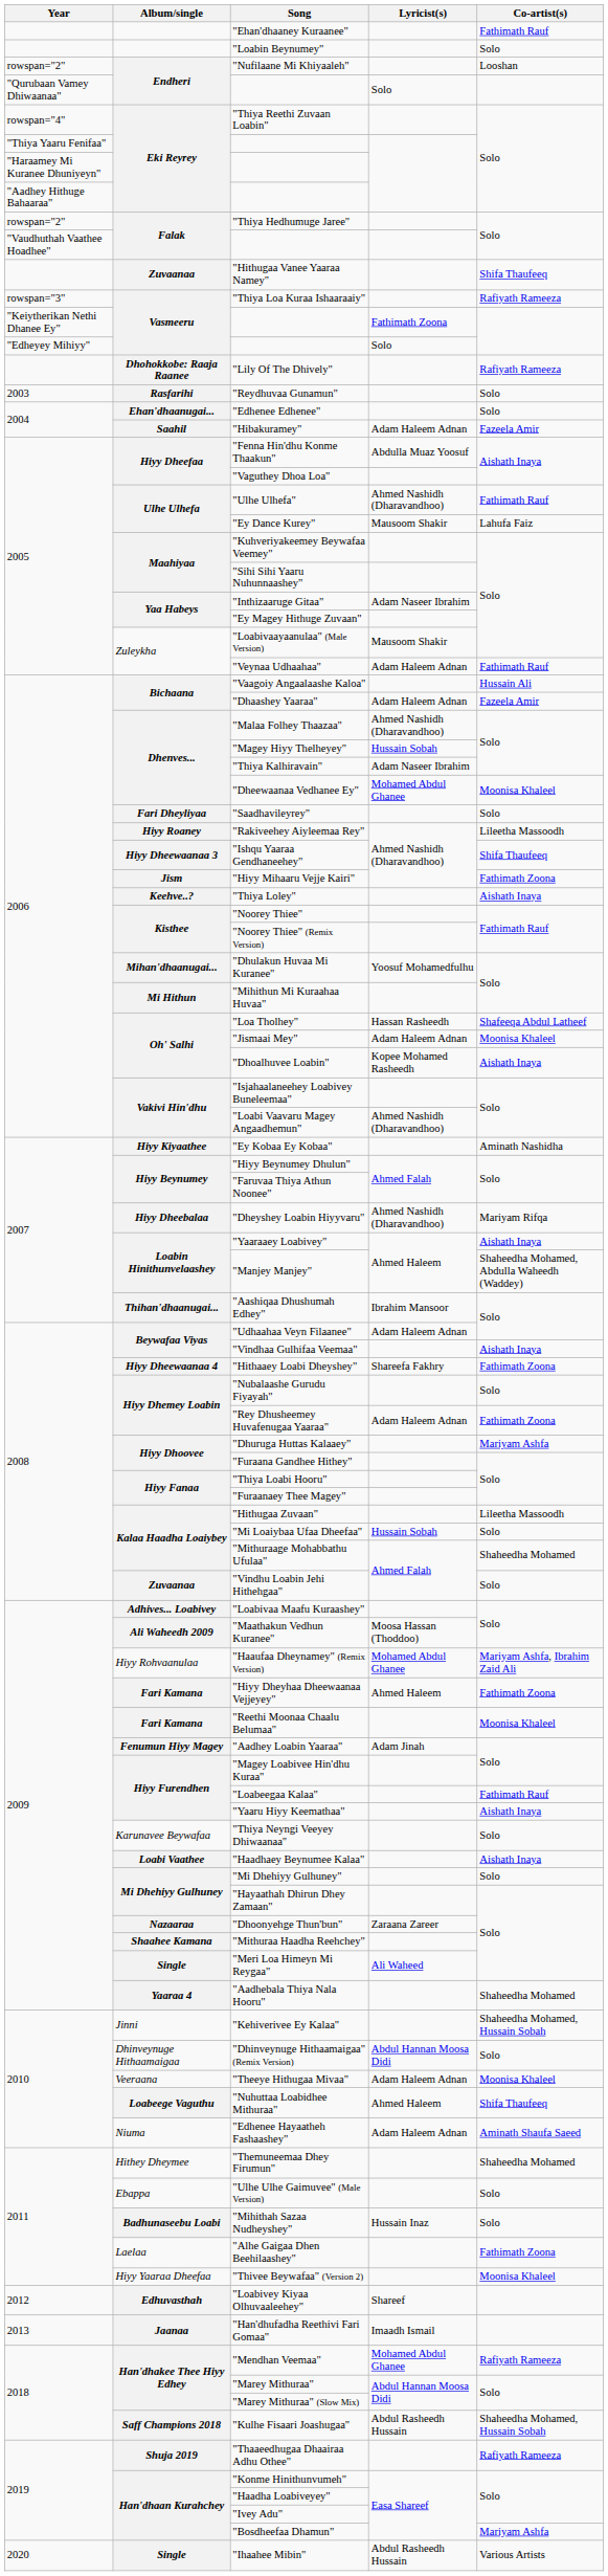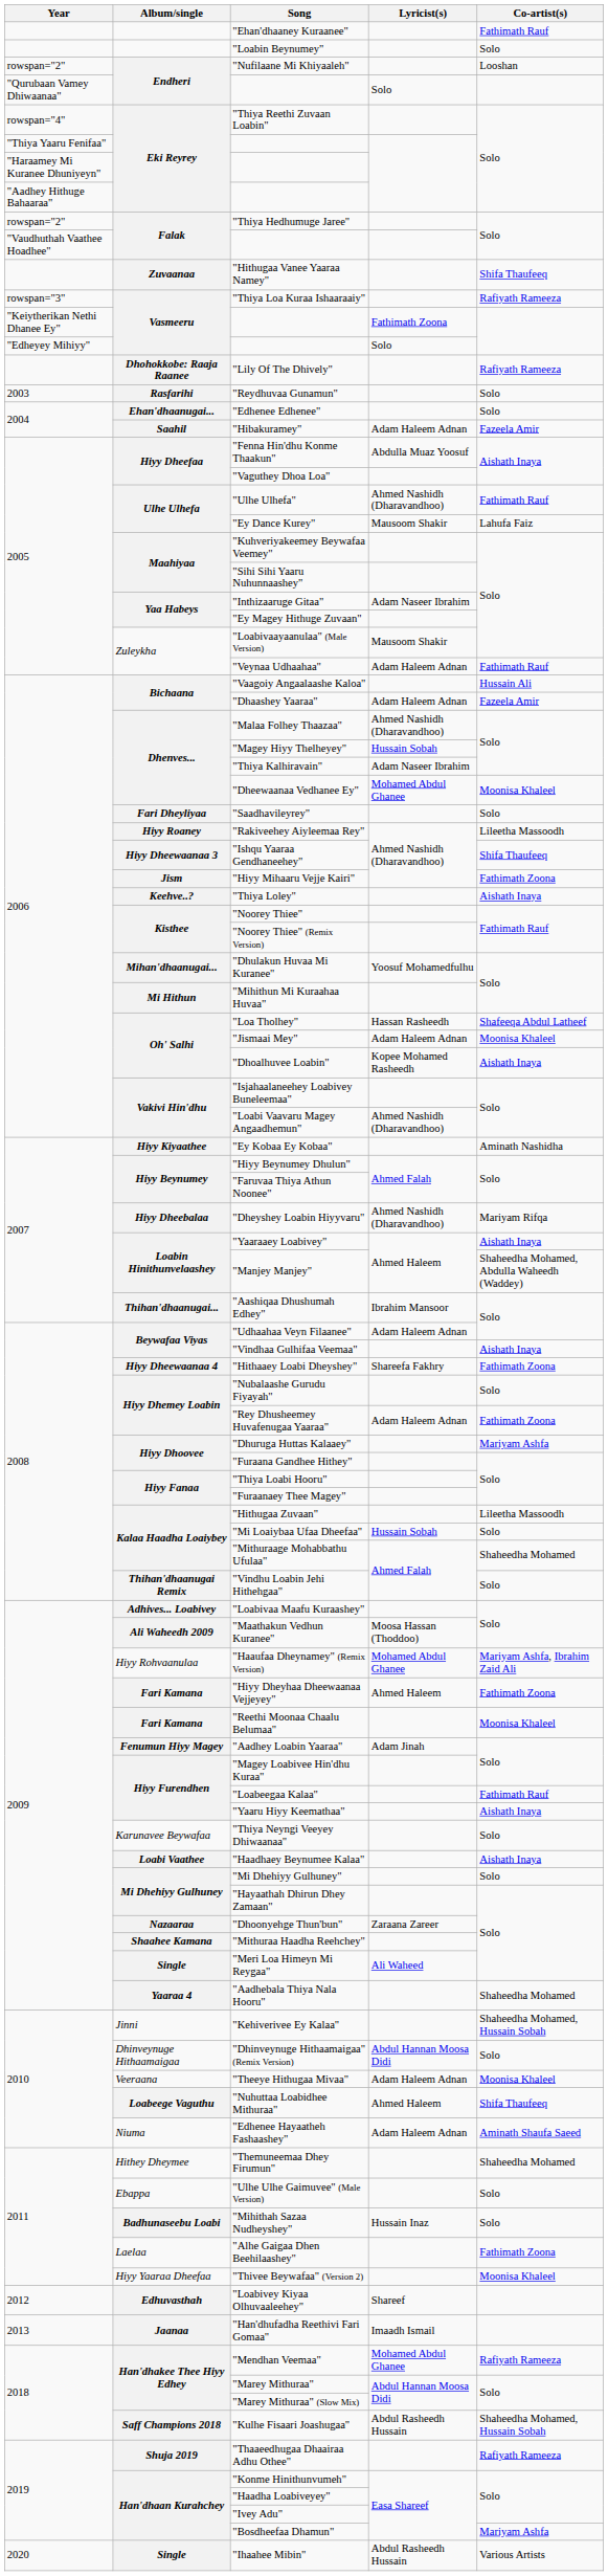 <table class="wikitable plainrowheaders">
 <tr>
 <th scope="col">Year</th>
 <th scope="col">Album/single</th>
 <th scope="col">Song</th>
 <th scope="col">Lyricist(s)</th>
 <th scope="col">Co-artist(s)</th>
 </tr>
 <tr>
 <td></td>
 <td></td>
 <td>"Ehan'dhaaney Kuraanee"</td>
 <td></td>
 <td><a href='#'>Fathimath Rauf</a></td>
 </tr>
 <tr>
 <td></td>
 <td></td>
 <td>"Loabin Beynumey"</td>
 <td></td>
 <td>Solo</td>
 </tr>
 <tr>
 <td>rowspan="2" </td>
 <th scope="row" rowspan="2"><em>Endheri</em></th>
 <td>"Nufilaane Mi Khiyaaleh"</td>
 <td></td>
 <td>Looshan</td>
 </tr>
 <tr>
 <td>"Qurubaan Vamey Dhiwaanaa"</td>
 <td></td>
 <td>Solo</td>
 </tr>
 <tr>
 <td>rowspan="4" </td>
 <th scope="row" rowspan="4"><em>Eki Reyrey</em></th>
 <td>"Thiya Reethi Zuvaan Loabin"</td>
 <td></td>
 <td rowspan="4">Solo</td>
 </tr>
 <tr>
 <td>"Thiya Yaaru Fenifaa"</td>
 <td></td>
 </tr>
 <tr>
 <td>"Haraamey Mi Kuranee Dhuniyeyn"</td>
 <td></td>
 </tr>
 <tr>
 <td>"Aadhey Hithuge Bahaaraa"</td>
 <td></td>
 </tr>
 <tr>
 <td>rowspan="2" </td>
 <th scope="row" rowspan="2"><em>Falak</em></th>
 <td>"Thiya Hedhumuge Jaree"</td>
 <td></td>
 <td rowspan="2">Solo</td>
 </tr>
 <tr>
 <td>"Vaudhuthah Vaathee Hoadhee"</td>
 <td></td>
 </tr>
 <tr>
 <td></td>
 <th scope="row"><em>Zuvaanaa</em></th>
 <td>"Hithugaa Vanee Yaaraa Namey"</td>
 <td></td>
 <td><a href='#'>Shifa Thaufeeq</a></td>
 </tr>
 <tr>
 <td>rowspan="3" </td>
 <th scope="row" rowspan="3"><em>Vasmeeru</em></th>
 <td>"Thiya Loa Kuraa Ishaaraaiy"</td>
 <td></td>
 <td><a href='#'>Rafiyath Rameeza</a></td>
 </tr>
 <tr>
 <td>"Keiytherikan Nethi Dhanee Ey"</td>
 <td></td>
 <td><a href='#'>Fathimath Zoona</a></td>
 </tr>
 <tr>
 <td>"Edheyey Mihiyy"</td>
 <td></td>
 <td>Solo</td>
 </tr>
 <tr>
 <td></td>
 <th scope="row"><em>Dhohokkobe: Raaja Raanee</em></th>
 <td>"Lily Of The Dhively"</td>
 <td></td>
 <td><a href='#'>Rafiyath Rameeza</a></td>
 </tr>
 <tr>
 <td>2003</td>
 <th scope="row"><em>Rasfarihi</em></th>
 <td>"Reydhuvaa Gunamun"</td>
 <td></td>
 <td>Solo</td>
 </tr>
 <tr>
 <td rowspan="2">2004</td>
 <th scope="row"><em>Ehan'dhaanugai...</em></th>
 <td>"Edhenee Edhenee"</td>
 <td></td>
 <td>Solo</td>
 </tr>
 <tr>
 <th scope="row"><em>Saahil</em></th>
 <td>"Hibakuramey"</td>
 <td>Adam Haleem Adnan</td>
 <td><a href='#'>Fazeela Amir</a></td>
 </tr>
 <tr>
 <td rowspan="10">2005</td>
 <th scope="row" rowspan="2"><em>Hiyy Dheefaa</em></th>
 <td>"Fenna Hin'dhu Konme Thaakun"</td>
 <td>Abdulla Muaz Yoosuf</td>
 <td rowspan="2"><a href='#'>Aishath Inaya</a></td>
 </tr>
 <tr>
 <td>"Vaguthey Dhoa Loa"</td>
 <td></td>
 </tr>
 <tr>
 <th scope="row" rowspan="2"><em>Ulhe Ulhefa</em></th>
 <td>"Ulhe Ulhefa"</td>
 <td>Ahmed Nashidh (Dharavandhoo)</td>
 <td><a href='#'>Fathimath Rauf</a></td>
 </tr>
 <tr>
 <td>"Ey Dance Kurey"</td>
 <td>Mausoom Shakir</td>
 <td>Lahufa Faiz</td>
 </tr>
 <tr>
 <th scope="row" rowspan="2"><em>Maahiyaa</em></th>
 <td>"Kuhveriyakeemey Beywafaa Veemey"</td>
 <td></td>
 <td rowspan="5">Solo</td>
 </tr>
 <tr>
 <td>"Sihi Sihi Yaaru Nuhunnaashey"</td>
 <td></td>
 </tr>
 <tr>
 <th scope="row" rowspan="2"><em>Yaa Habeys</em></th>
 <td>"Inthizaaruge Gitaa"</td>
 <td>Adam Naseer Ibrahim</td>
 </tr>
 <tr>
 <td>"Ey Magey Hithuge Zuvaan"</td>
 <td></td>
 </tr>
 <tr>
 <td rowspan="2"><em>Zuleykha</em></td>
 <td>"Loabivaayaanulaa" <small>(Male Version)</small></td>
 <td>Mausoom Shakir</td>
 </tr>
 <tr>
 <td>"Veynaa Udhaahaa"</td>
 <td>Adam Haleem Adnan</td>
 <td><a href='#'>Fathimath Rauf</a></td>
 </tr>
 <tr>
 <td rowspan="20">2006</td>
 <th scope="row" rowspan="2"><em>Bichaana</em></th>
 <td>"Vaagoiy Angaalaashe Kaloa"</td>
 <td></td>
 <td><a href='#'>Hussain Ali</a></td>
 </tr>
 <tr>
 <td>"Dhaashey Yaaraa"</td>
 <td>Adam Haleem Adnan</td>
 <td><a href='#'>Fazeela Amir</a></td>
 </tr>
 <tr>
 <th scope="row" rowspan="4"><em>Dhenves...</em></th>
 <td>"Malaa Folhey Thaazaa"</td>
 <td>Ahmed Nashidh (Dharavandhoo)</td>
 <td rowspan="3">Solo</td>
 </tr>
 <tr>
 <td>"Magey Hiyy Thelheyey"</td>
 <td><a href='#'>Hussain Sobah</a></td>
 </tr>
 <tr>
 <td>"Thiya Kalhiravain"</td>
 <td>Adam Naseer Ibrahim</td>
 </tr>
 <tr>
 <td>"Dheewaanaa Vedhanee Ey"</td>
 <td><a href='#'>Mohamed Abdul Ghanee</a></td>
 <td><a href='#'>Moonisa Khaleel</a></td>
 </tr>
 <tr>
 <th scope="row"><em>Fari Dheyliyaa</em></th>
 <td>"Saadhavileyrey"</td>
 <td></td>
 <td>Solo</td>
 </tr>
 <tr>
 <th scope="row"><em>Hiyy Roaney</em></th>
 <td>"Rakiveehey Aiyleemaa Rey"</td>
 <td rowspan="3">Ahmed Nashidh (Dharavandhoo)</td>
 <td>Lileetha Massoodh</td>
 </tr>
 <tr>
 <th scope="row"><em>Hiyy Dheewaanaa 3</em></th>
 <td>"Ishqu Yaaraa Gendhaneehey"</td>
 <td><a href='#'>Shifa Thaufeeq</a></td>
 </tr>
 <tr>
 <th scope="row"><em>Jism</em></th>
 <td>"Hiyy Mihaaru Vejje Kairi"</td>
 <td><a href='#'>Fathimath Zoona</a></td>
 </tr>
 <tr>
 <th scope="row"><em>Keehve..?</em></th>
 <td>"Thiya Loley"</td>
 <td></td>
 <td><a href='#'>Aishath Inaya</a></td>
 </tr>
 <tr>
 <th scope="row" rowspan="2"><em>Kisthee</em></th>
 <td>"Noorey Thiee"</td>
 <td></td>
 <td rowspan="2"><a href='#'>Fathimath Rauf</a></td>
 </tr>
 <tr>
 <td>"Noorey Thiee" <small>(Remix Version)</small></td>
 <td></td>
 </tr>
 <tr>
 <th scope="row"><em>Mihan'dhaanugai...</em></th>
 <td>"Dhulakun Huvaa Mi Kuranee"</td>
 <td>Yoosuf Mohamedfulhu</td>
 <td rowspan="2">Solo</td>
 </tr>
 <tr>
 <th scope="row"><em>Mi Hithun</em></th>
 <td>"Mihithun Mi Kuraahaa Huvaa"</td>
 <td></td>
 </tr>
 <tr>
 <th scope="row" rowspan="3"><em>Oh' Salhi</em></th>
 <td>"Loa Tholhey"</td>
 <td>Hassan Rasheedh</td>
 <td><a href='#'>Shafeeqa Abdul Latheef</a></td>
 </tr>
 <tr>
 <td>"Jismaai Mey"</td>
 <td>Adam Haleem Adnan</td>
 <td><a href='#'>Moonisa Khaleel</a></td>
 </tr>
 <tr>
 <td>"Dhoalhuvee Loabin"</td>
 <td>Kopee Mohamed Rasheedh</td>
 <td><a href='#'>Aishath Inaya</a></td>
 </tr>
 <tr>
 <th scope="row" rowspan="2"><em>Vakivi Hin'dhu</em></th>
 <td>"Isjahaalaneehey Loabivey Buneleemaa"</td>
 <td></td>
 <td rowspan="2">Solo</td>
 </tr>
 <tr>
 <td>"Loabi Vaavaru Magey Angaadhemun"</td>
 <td>Ahmed Nashidh (Dharavandhoo)</td>
 </tr>
 <tr>
 <td rowspan="7">2007</td>
 <th scope="row"><em>Hiyy Kiyaathee</em></th>
 <td>"Ey Kobaa Ey Kobaa"</td>
 <td></td>
 <td>Aminath Nashidha</td>
 </tr>
 <tr>
 <th scope="row" rowspan="2"><em>Hiyy Beynumey</em></th>
 <td>"Hiyy Beynumey Dhulun"</td>
 <td rowspan="2"><a href='#'>Ahmed Falah</a></td>
 <td rowspan="2">Solo</td>
 </tr>
 <tr>
 <td>"Faruvaa Thiya Athun Noonee"</td>
 </tr>
 <tr>
 <th scope="row"><em>Hiyy Dheebalaa</em></th>
 <td>"Dheyshey Loabin Hiyyvaru"</td>
 <td>Ahmed Nashidh (Dharavandhoo)</td>
 <td>Mariyam Rifqa</td>
 </tr>
 <tr>
 <th scope="row" rowspan="2"><em>Loabin Hinithunvelaashey</em></th>
 <td>"Yaaraaey Loabivey"</td>
 <td rowspan="2">Ahmed Haleem</td>
 <td><a href='#'>Aishath Inaya</a></td>
 </tr>
 <tr>
 <td>"Manjey Manjey"</td>
 <td>Shaheedha Mohamed, Abdulla Waheedh (Waddey)</td>
 </tr>
 <tr>
 <th scope="row"><em>Thihan'dhaanugai...</em></th>
 <td>"Aashiqaa Dhushumah Edhey"</td>
 <td>Ibrahim Mansoor</td>
 <td rowspan="2">Solo</td>
 </tr>
 <tr>
 <td rowspan="13">2008</td>
 <th scope="row" rowspan="2"><em>Beywafaa Viyas</em></th>
 <td>"Udhaahaa Veyn Filaanee"</td>
 <td>Adam Haleem Adnan</td>
 </tr>
 <tr>
 <td>"Vindhaa Gulhifaa Veemaa"</td>
 <td></td>
 <td><a href='#'>Aishath Inaya</a></td>
 </tr>
 <tr>
 <th scope="row"><em>Hiyy Dheewaanaa 4</em></th>
 <td>"Hithaaey Loabi Dheyshey"</td>
 <td>Shareefa Fakhry</td>
 <td><a href='#'>Fathimath Zoona</a></td>
 </tr>
 <tr>
 <th scope="row" rowspan="2"><em>Hiyy Dhemey Loabin</em></th>
 <td>"Nubalaashe Gurudu Fiyayah"</td>
 <td></td>
 <td>Solo</td>
 </tr>
 <tr>
 <td>"Rey Dhusheemey Huvafenugaa Yaaraa"</td>
 <td>Adam Haleem Adnan</td>
 <td><a href='#'>Fathimath Zoona</a></td>
 </tr>
 <tr>
 <th scope="row" rowspan="2"><em>Hiyy Dhoovee</em></th>
 <td>"Dhuruga Huttas Kalaaey"</td>
 <td></td>
 <td><a href='#'>Mariyam Ashfa</a></td>
 </tr>
 <tr>
 <td>"Furaana Gandhee Hithey"</td>
 <td></td>
 <td rowspan="3">Solo</td>
 </tr>
 <tr>
 <th scope="row" rowspan="2"><em>Hiyy Fanaa</em></th>
 <td>"Thiya Loabi Hooru"</td>
 <td></td>
 </tr>
 <tr>
 <td>"Furaanaey Thee Magey"</td>
 <td></td>
 </tr>
 <tr>
 <th scope="row" rowspan="3"><em>Kalaa Haadha Loaiybey</em></th>
 <td>"Hithugaa Zuvaan"</td>
 <td></td>
 <td>Lileetha Massoodh</td>
 </tr>
 <tr>
 <td>"Mi Loaiybaa Ufaa Dheefaa"</td>
 <td><a href='#'>Hussain Sobah</a></td>
 <td>Solo</td>
 </tr>
 <tr>
 <td>"Mithuraage Mohabbathu Ufulaa"</td>
 <td rowspan="2"><a href='#'>Ahmed Falah</a></td>
 <td>Shaheedha Mohamed</td>
 </tr>
 <tr>
-<th scope="row"><em>Zuvaanaa</em></th>
+<th scope="row"><em>Thihan'dhaanugai Remix</em></th>
 <td>"Vindhu Loabin Jehi Hithehgaa"</td>
 <td>Solo</td>
 </tr>
 <tr>
 <td rowspan="17">2009</td>
 <th scope="row"><em>Adhives... Loabivey</em></th>
 <td>"Loabivaa Maafu Kuraashey"</td>
 <td></td>
 <td rowspan="2">Solo</td>
 </tr>
 <tr>
 <th scope="row"><em>Ali Waheedh 2009</em></th>
 <td>"Maathakun Vedhun Kuranee"</td>
 <td>Moosa Hassan (Thoddoo)</td>
 </tr>
 <tr>
 <td><em>Hiyy Rohvaanulaa</em></td>
 <td>"Haaufaa Dheynamey" <small>(Remix Version)</small></td>
 <td><a href='#'>Mohamed Abdul Ghanee</a></td>
 <td><a href='#'>Mariyam Ashfa</a>, <a href='#'>Ibrahim Zaid Ali</a></td>
 </tr>
 <tr>
 <th scope="row"><em>Fari Kamana</em></th>
 <td>"Hiyy Dheyhaa Dheewaanaa Vejjeyey"</td>
 <td>Ahmed Haleem</td>
 <td><a href='#'>Fathimath Zoona</a></td>
 </tr>
 <tr>
 <th scope="row"><em>Fari Kamana</em></th>
 <td>"Reethi Moonaa Chaalu Belumaa"</td>
 <td></td>
 <td><a href='#'>Moonisa Khaleel</a></td>
 </tr>
 <tr>
 <th scope="row"><em>Fenumun Hiyy Magey</em></th>
 <td>"Aadhey Loabin Yaaraa"</td>
 <td>Adam Jinah</td>
 <td rowspan="2">Solo</td>
 </tr>
 <tr>
 <th scope="row" rowspan="3"><em>Hiyy Furendhen</em></th>
 <td>"Magey Loabivee Hin'dhu Kuraa"</td>
 <td></td>
 </tr>
 <tr>
 <td>"Loabeegaa Kalaa"</td>
 <td></td>
 <td><a href='#'>Fathimath Rauf</a></td>
 </tr>
 <tr>
 <td>"Yaaru Hiyy Keemathaa"</td>
 <td></td>
 <td><a href='#'>Aishath Inaya</a></td>
 </tr>
 <tr>
 <td><em>Karunavee Beywafaa</em></td>
 <td>"Thiya Neyngi Veeyey Dhiwaanaa"</td>
 <td></td>
 <td>Solo</td>
 </tr>
 <tr>
 <th scope="row"><em>Loabi Vaathee</em></th>
 <td>"Haadhaey Beynumee Kalaa"</td>
 <td></td>
 <td><a href='#'>Aishath Inaya</a></td>
 </tr>
 <tr>
 <th scope="row" rowspan="2"><em>Mi Dhehiyy Gulhuney</em></th>
 <td>"Mi Dhehiyy Gulhuney"</td>
 <td></td>
 <td>Solo</td>
 </tr>
 <tr>
 <td>"Hayaathah Dhirun Dhey Zamaan"</td>
 <td></td>
 <td rowspan="4">Solo</td>
 </tr>
 <tr>
 <th scope="row"><em>Nazaaraa</em></th>
 <td>"Dhoonyehge Thun'bun"</td>
 <td>Zaraana Zareer</td>
 </tr>
 <tr>
 <th scope="row"><em>Shaahee Kamana</em></th>
 <td>"Mithuraa Haadha Reehchey"</td>
 <td></td>
 </tr>
 <tr>
 <th scope="row"><em>Single</em></th>
 <td>"Meri Loa Himeyn Mi Reygaa"</td>
 <td><a href='#'>Ali Waheed</a></td>
 </tr>
 <tr>
 <th scope="row"><em>Yaaraa 4</em></th>
 <td>"Aadhebala Thiya Nala Hooru"</td>
 <td></td>
 <td>Shaheedha Mohamed</td>
 </tr>
 <tr>
 <td rowspan="5">2010</td>
 <td><em>Jinni</em></td>
 <td>"Kehiverivee Ey Kalaa"</td>
 <td></td>
 <td>Shaheedha Mohamed, <a href='#'>Hussain Sobah</a></td>
 </tr>
 <tr>
 <td><em>Dhinveynuge Hithaamaigaa</em></td>
 <td>"Dhinveynuge Hithaamaigaa" <small>(Remix Version)</small></td>
 <td><a href='#'>Abdul Hannan Moosa Didi</a></td>
 <td>Solo</td>
 </tr>
 <tr>
 <td><em>Veeraana</em></td>
 <td>"Theeye Hithugaa Mivaa"</td>
 <td>Adam Haleem Adnan</td>
 <td><a href='#'>Moonisa Khaleel</a></td>
 </tr>
 <tr>
 <th scope="row"><em>Loabeege Vaguthu</em></th>
 <td>"Nuhuttaa Loabidhee Mithuraa"</td>
 <td>Ahmed Haleem</td>
 <td><a href='#'>Shifa Thaufeeq</a></td>
 </tr>
 <tr>
 <td><em>Niuma</em></td>
 <td>"Edhenee Hayaatheh Fashaashey"</td>
 <td>Adam Haleem Adnan</td>
 <td><a href='#'>Aminath Shaufa Saeed</a></td>
 </tr>
 <tr>
 <td rowspan="5">2011</td>
 <td><em>Hithey Dheymee</em></td>
 <td>"Themuneemaa Dhey Firumun"</td>
 <td></td>
 <td>Shaheedha Mohamed</td>
 </tr>
 <tr>
 <td><em>Ebappa</em></td>
 <td>"Ulhe Ulhe Gaimuvee" <small>(Male Version)</small></td>
 <td></td>
 <td>Solo</td>
 </tr>
 <tr>
 <th scope="row"><em>Badhunaseebu Loabi</em></th>
 <td>"Mihithah Sazaa Nudheyshey"</td>
 <td>Hussain Inaz</td>
 <td>Solo</td>
 </tr>
 <tr>
 <td><em>Laelaa</em></td>
 <td>"Alhe Gaigaa Dhen Beehilaashey"</td>
 <td></td>
 <td><a href='#'>Fathimath Zoona</a></td>
 </tr>
 <tr>
 <td><em>Hiyy Yaaraa Dheefaa</em></td>
 <td>"Thivee Beywafaa" <small>(Version 2)</small></td>
 <td></td>
 <td><a href='#'>Moonisa Khaleel</a></td>
 </tr>
 <tr>
 <td>2012</td>
 <th scope="row"><em>Edhuvasthah</em></th>
 <td>"Loabivey Kiyaa Olhuvaaleehey"</td>
 <td>Shareef</td>
 <td></td>
 </tr>
 <tr>
 <td>2013</td>
 <th scope="row"><em>Jaanaa</em></th>
 <td>"Han'dhufadha Reethivi Fari Gomaa"</td>
 <td>Imaadh Ismail</td>
 <td></td>
 </tr>
 <tr>
 <td rowspan="4">2018</td>
 <th scope="row" rowspan="3"><em>Han'dhakee Thee Hiyy Edhey</em></th>
 <td>"Mendhan Veemaa"</td>
 <td><a href='#'>Mohamed Abdul Ghanee</a></td>
 <td><a href='#'>Rafiyath Rameeza</a></td>
 </tr>
 <tr>
 <td>"Marey Mithuraa"</td>
 <td rowspan="2"><a href='#'>Abdul Hannan Moosa Didi</a></td>
 <td rowspan="2">Solo</td>
 </tr>
 <tr>
 <td>"Marey Mithuraa" <small>(Slow Mix)</small></td>
 </tr>
 <tr>
 <th scope="row"><em>Saff Champions 2018</em></th>
 <td>"Kulhe Fisaari Joashugaa"</td>
 <td>Abdul Rasheedh Hussain</td>
 <td>Shaheedha Mohamed, <a href='#'>Hussain Sobah</a></td>
 </tr>
 <tr>
 <td rowspan="5">2019</td>
 <th scope="row"><em>Shuja 2019</em></th>
 <td>"Thaaeedhugaa Dhaairaa Adhu Othee"</td>
 <td></td>
 <td><a href='#'>Rafiyath Rameeza</a></td>
 </tr>
 <tr>
 <th scope="row" rowspan="4"><em>Han'dhaan Kurahchey</em></th>
 <td>"Konme Hinithunvumeh"</td>
 <td rowspan="4"><a href='#'>Easa Shareef</a></td>
 <td rowspan="3">Solo</td>
 </tr>
 <tr>
 <td>"Haadha Loabiveyey"</td>
 </tr>
 <tr>
 <td>"Ivey Adu"</td>
 </tr>
 <tr>
 <td>"Bosdheefaa Dhamun"</td>
 <td><a href='#'>Mariyam Ashfa</a></td>
 </tr>
 <tr>
 <td>2020</td>
 <th scope="row"><em>Single</em></th>
 <td>"Ihaahee Mibin"</td>
 <td>Abdul Rasheedh Hussain</td>
 <td>Various Artists</td>
 </tr>
 </table>
